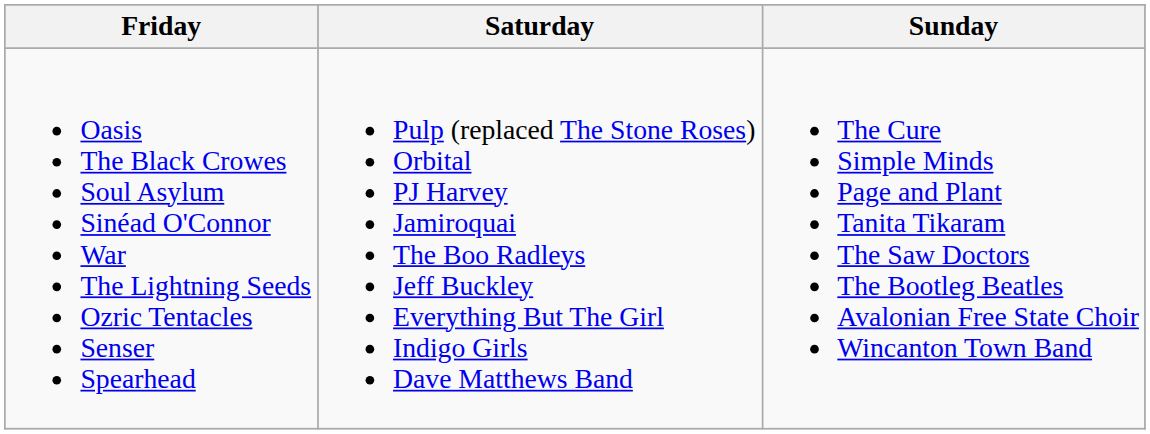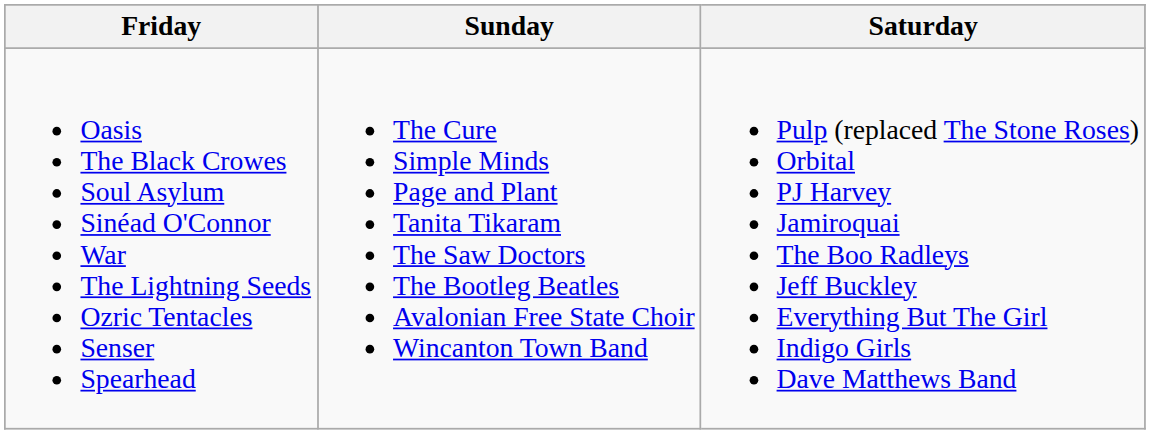 <table class="wikitable">
 <tr>
 <th>Friday</th>
+<th>Sunday</th>
 <th>Saturday</th>
-<th>Sunday</th>
 </tr>
 <tr valign="top">
 <td><br><ul><li><a href='#'>Oasis</a></li><li><a href='#'>The Black Crowes</a></li><li><a href='#'>Soul Asylum</a></li><li><a href='#'>Sinéad O'Connor</a></li><li><a href='#'>War</a></li><li><a href='#'>The Lightning Seeds</a></li><li><a href='#'>Ozric Tentacles</a></li><li><a href='#'>Senser</a></li><li><a href='#'>Spearhead</a></li></ul></td>
+<td><br><ul><li><a href='#'>The Cure</a></li><li><a href='#'>Simple Minds</a></li><li><a href='#'>Page and Plant</a></li><li><a href='#'>Tanita Tikaram</a></li><li><a href='#'>The Saw Doctors</a></li><li><a href='#'>The Bootleg Beatles</a></li><li><a href='#'>Avalonian Free State Choir</a></li><li><a href='#'>Wincanton Town Band</a></li></ul></td>
 <td><br><ul><li><a href='#'>Pulp</a> (replaced <a href='#'>The Stone Roses</a>)</li><li><a href='#'>Orbital</a></li><li><a href='#'>PJ Harvey</a></li><li><a href='#'>Jamiroquai</a></li><li><a href='#'>The Boo Radleys</a></li><li><a href='#'>Jeff Buckley</a></li><li><a href='#'>Everything But The Girl</a></li><li><a href='#'>Indigo Girls</a></li><li><a href='#'>Dave Matthews Band</a></li></ul></td>
-<td><br><ul><li><a href='#'>The Cure</a></li><li><a href='#'>Simple Minds</a></li><li><a href='#'>Page and Plant</a></li><li><a href='#'>Tanita Tikaram</a></li><li><a href='#'>The Saw Doctors</a></li><li><a href='#'>The Bootleg Beatles</a></li><li><a href='#'>Avalonian Free State Choir</a></li><li><a href='#'>Wincanton Town Band</a></li></ul></td>
 </tr>
 </table>
